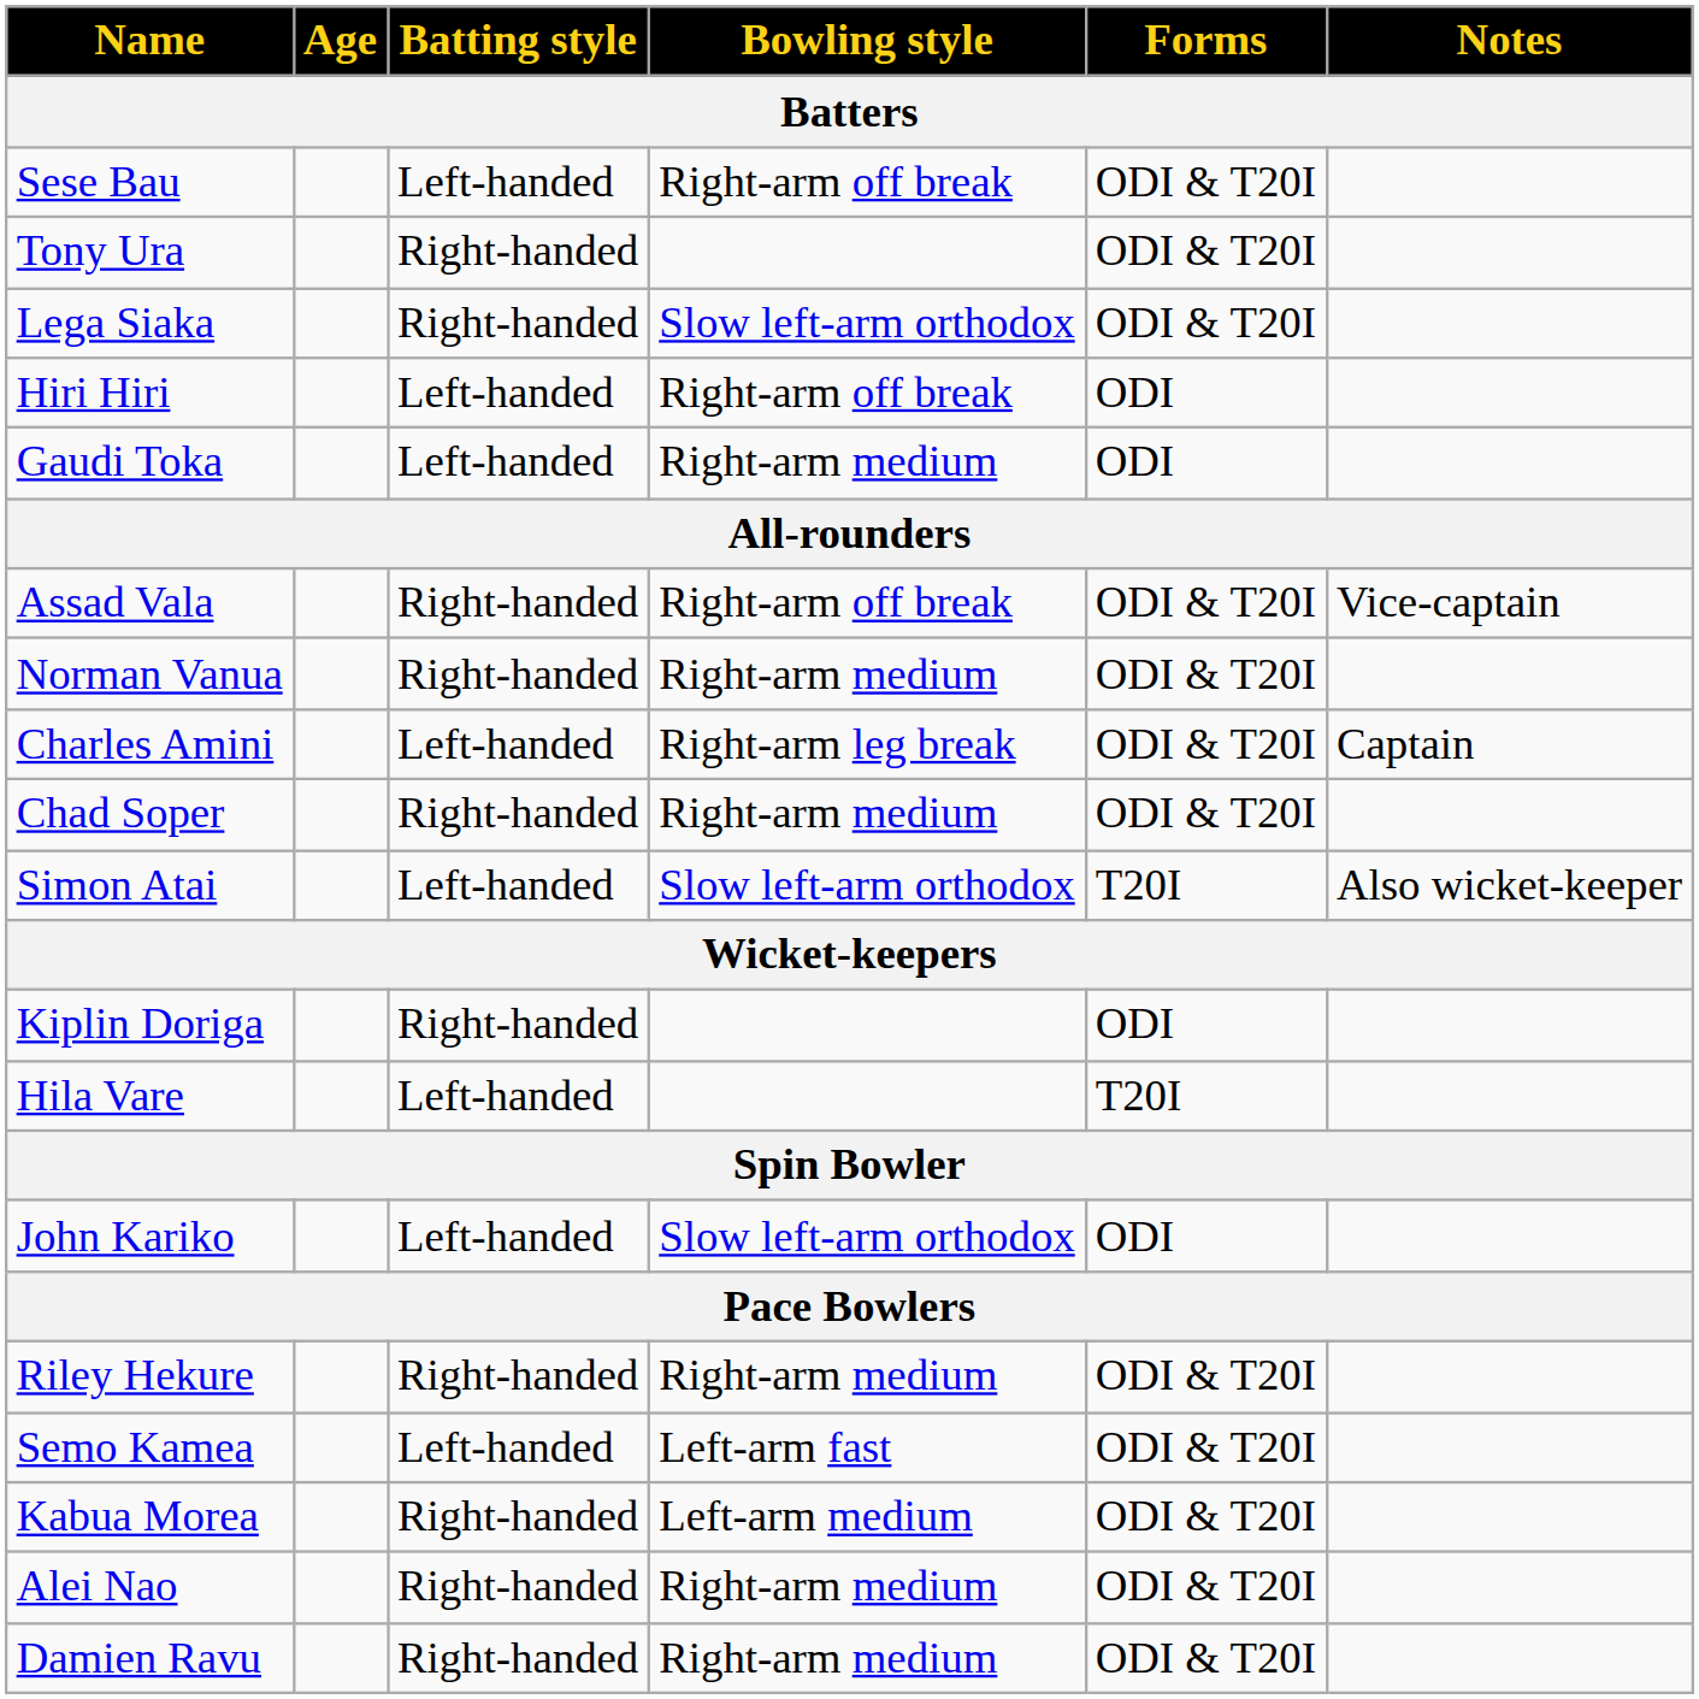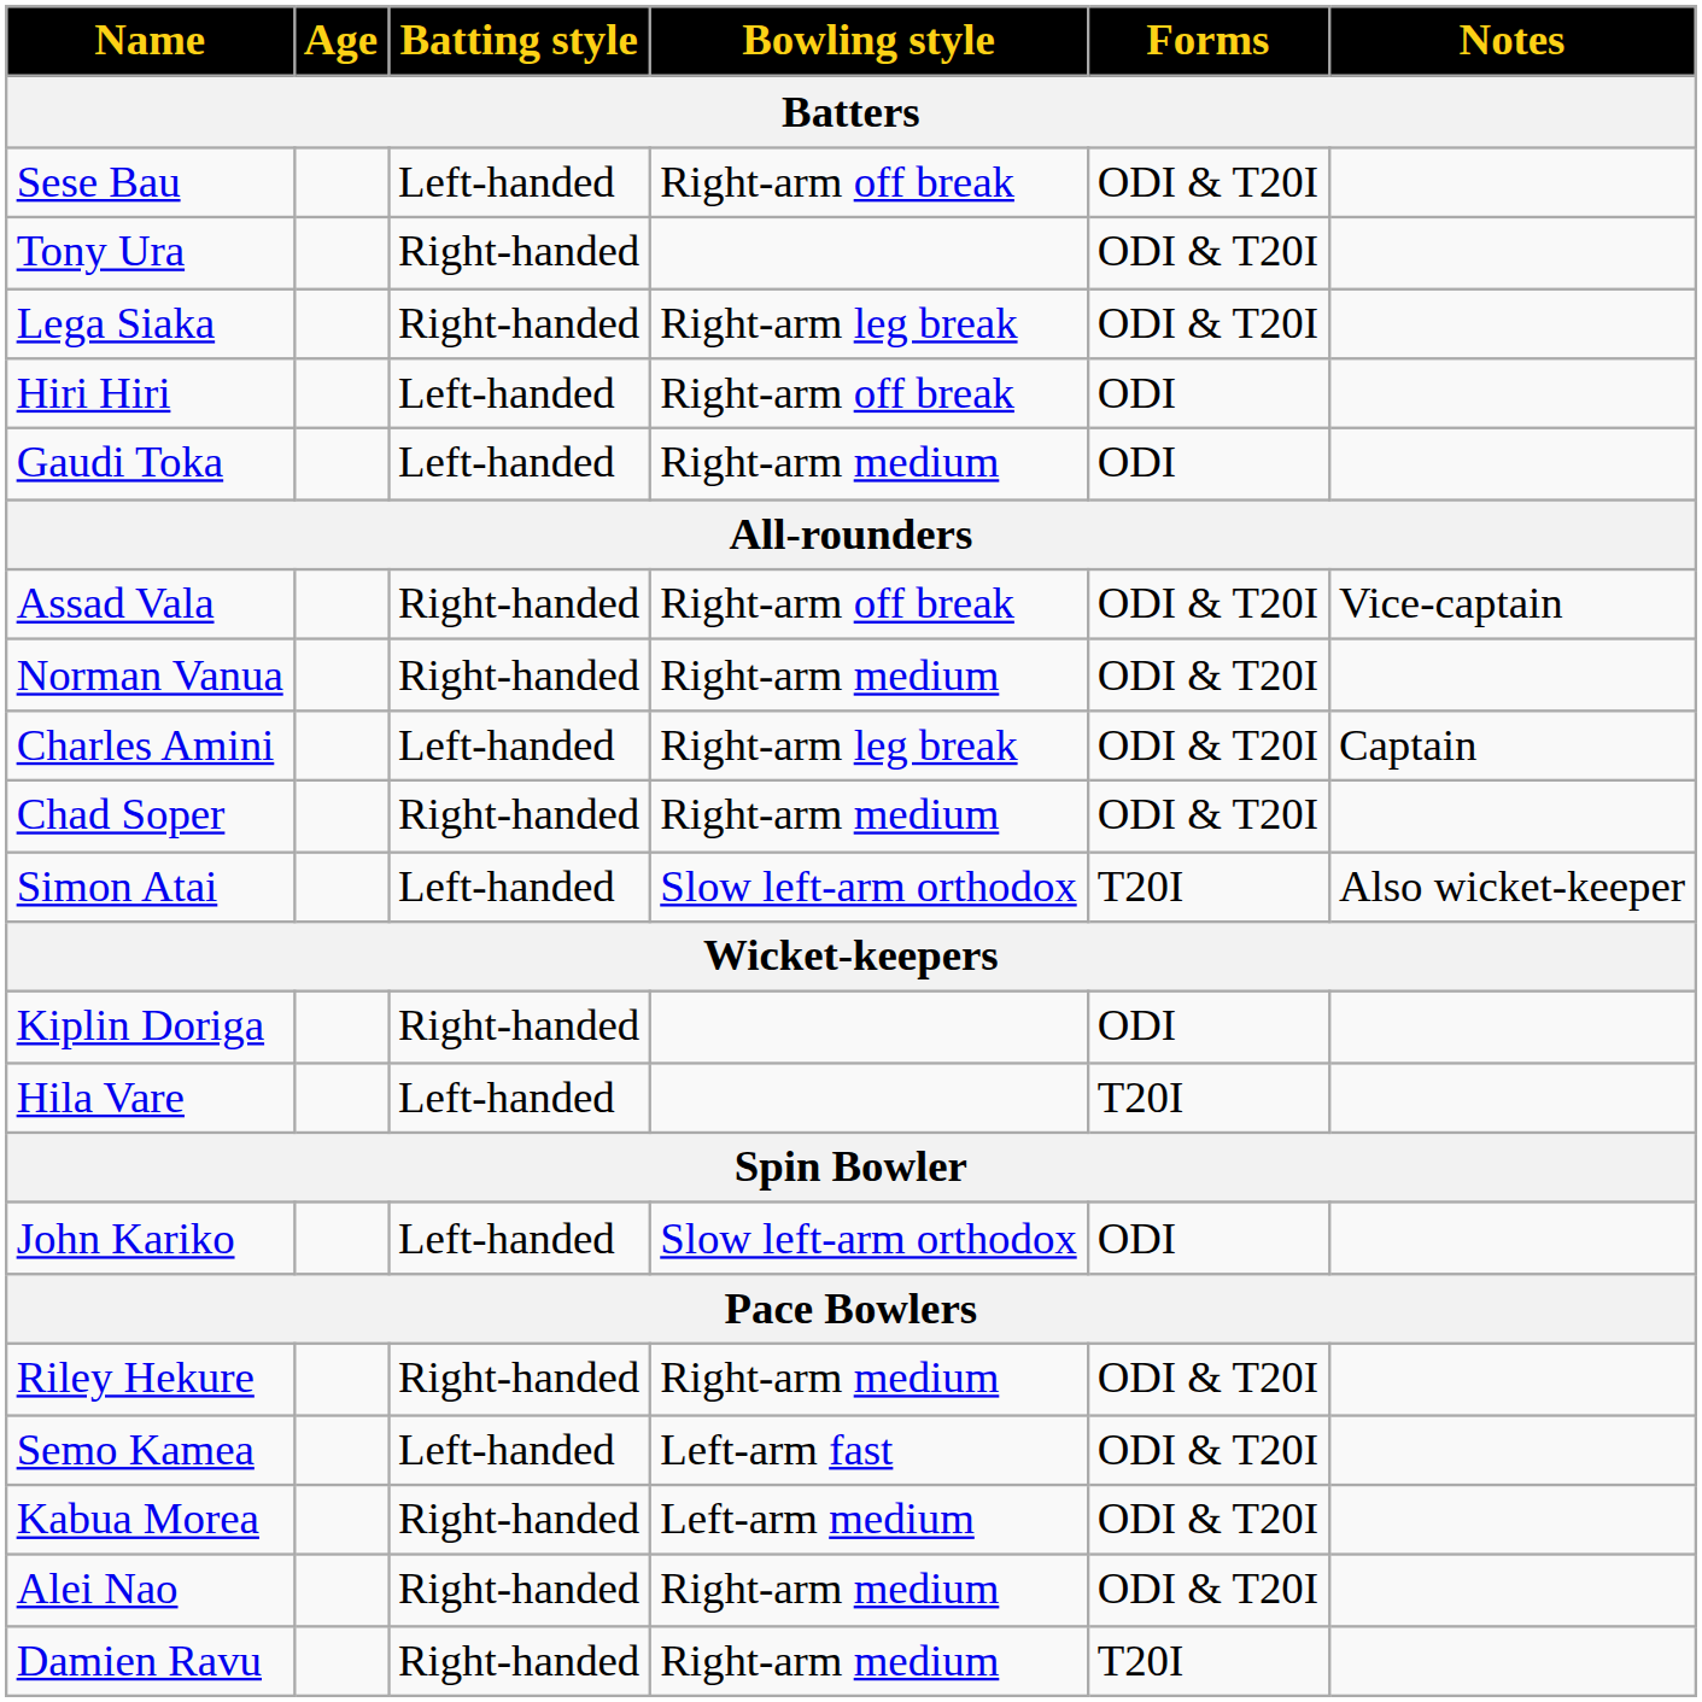 <table class="wikitable">
 <tr>
 <th style="text-align:center; background:black; color:#FCD116;">Name</th>
 <th style="text-align:center; background:black; color:#FCD116;">Age</th>
 <th style="text-align:center; background:black; color:#FCD116;">Batting style</th>
 <th style="text-align:center; background:black; color:#FCD116;">Bowling style</th>
 <th style="text-align:center; background:black; color:#FCD116;">Forms</th>
 <th style="text-align:center; background:black; color:#FCD116;">Notes</th>
 </tr>
 <tr>
 <th colspan="6">Batters</th>
 </tr>
 <tr>
 <td><a href='#'>Sese Bau</a></td>
 <td></td>
 <td>Left-handed</td>
 <td>Right-arm <a href='#'>off break</a></td>
 <td>ODI & T20I</td>
 <td></td>
 </tr>
 <tr>
 <td><a href='#'>Tony Ura</a></td>
 <td></td>
 <td>Right-handed</td>
 <td></td>
 <td>ODI & T20I</td>
 <td></td>
 </tr>
 <tr>
 <td><a href='#'>Lega Siaka</a></td>
 <td></td>
 <td>Right-handed</td>
-<td><a href='#'>Slow left-arm orthodox</a></td>
+<td>Right-arm <a href='#'>leg break</a></td>
 <td>ODI & T20I</td>
 <td></td>
 </tr>
 <tr>
 <td><a href='#'>Hiri Hiri</a></td>
 <td></td>
 <td>Left-handed</td>
 <td>Right-arm <a href='#'>off break</a></td>
 <td>ODI</td>
 <td></td>
 </tr>
 <tr>
 <td><a href='#'>Gaudi Toka</a></td>
 <td></td>
 <td>Left-handed</td>
 <td>Right-arm <a href='#'>medium</a></td>
 <td>ODI</td>
 <td></td>
 </tr>
 <tr>
 <th colspan="6">All-rounders</th>
 </tr>
 <tr>
 <td><a href='#'>Assad Vala</a></td>
 <td></td>
 <td>Right-handed</td>
 <td>Right-arm <a href='#'>off break</a></td>
 <td>ODI & T20I</td>
 <td>Vice-captain</td>
 </tr>
 <tr>
 <td><a href='#'>Norman Vanua</a></td>
 <td></td>
 <td>Right-handed</td>
 <td>Right-arm <a href='#'>medium</a></td>
 <td>ODI & T20I</td>
 <td></td>
 </tr>
 <tr>
 <td><a href='#'>Charles Amini</a></td>
 <td></td>
 <td>Left-handed</td>
 <td>Right-arm <a href='#'>leg break</a></td>
 <td>ODI & T20I</td>
 <td>Captain</td>
 </tr>
 <tr>
 <td><a href='#'>Chad Soper</a></td>
 <td></td>
 <td>Right-handed</td>
 <td>Right-arm <a href='#'>medium</a></td>
 <td>ODI & T20I</td>
 <td></td>
 </tr>
 <tr>
 <td><a href='#'>Simon Atai</a></td>
 <td></td>
 <td>Left-handed</td>
 <td><a href='#'>Slow left-arm orthodox</a></td>
 <td>T20I</td>
 <td>Also wicket-keeper</td>
 </tr>
 <tr>
 <th colspan="6">Wicket-keepers</th>
 </tr>
 <tr>
 <td><a href='#'>Kiplin Doriga</a></td>
 <td></td>
 <td>Right-handed</td>
 <td></td>
 <td>ODI</td>
 <td></td>
 </tr>
 <tr>
 <td><a href='#'>Hila Vare</a></td>
 <td></td>
 <td>Left-handed</td>
 <td></td>
 <td>T20I</td>
 <td></td>
 </tr>
 <tr>
 <th colspan="6">Spin Bowler</th>
 </tr>
 <tr>
 <td><a href='#'>John Kariko</a></td>
 <td></td>
 <td>Left-handed</td>
 <td><a href='#'>Slow left-arm orthodox</a></td>
 <td>ODI</td>
 <td></td>
 </tr>
 <tr>
 <th colspan="6">Pace Bowlers</th>
 </tr>
 <tr>
 <td><a href='#'>Riley Hekure</a></td>
 <td></td>
 <td>Right-handed</td>
 <td>Right-arm <a href='#'>medium</a></td>
 <td>ODI & T20I</td>
 <td></td>
 </tr>
 <tr>
 <td><a href='#'>Semo Kamea</a></td>
 <td></td>
 <td>Left-handed</td>
 <td>Left-arm <a href='#'>fast</a></td>
 <td>ODI & T20I</td>
 <td></td>
 </tr>
 <tr>
 <td><a href='#'>Kabua Morea</a></td>
 <td></td>
 <td>Right-handed</td>
 <td>Left-arm <a href='#'>medium</a></td>
 <td>ODI & T20I</td>
 <td></td>
 </tr>
 <tr>
 <td><a href='#'>Alei Nao</a></td>
 <td></td>
 <td>Right-handed</td>
 <td>Right-arm <a href='#'>medium</a></td>
 <td>ODI & T20I</td>
 <td></td>
 </tr>
 <tr>
 <td><a href='#'>Damien Ravu</a></td>
 <td></td>
 <td>Right-handed</td>
 <td>Right-arm <a href='#'>medium</a></td>
-<td>ODI & T20I</td>
+<td>T20I</td>
 <td></td>
 </tr>
 </table>
